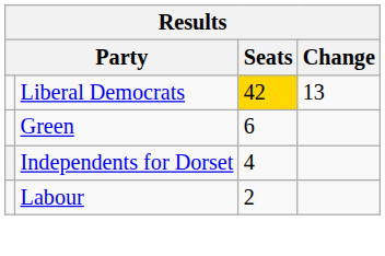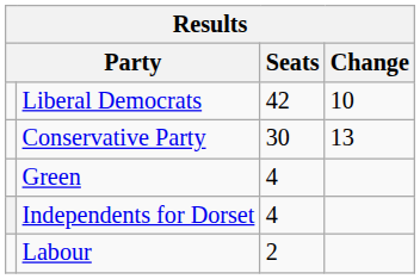 <table class="wikitable">
 <tr>
 <th colspan="4">Results</th>
 </tr>
 <tr>
 <th colspan="2">Party</th>
 <th>Seats</th>
 <th>Change</th>
 </tr>
 <tr>
 <td style="color:inherit;background:"></td>
 <td><a href='#'>Liberal Democrats</a></td>
-<td style="background: gold;">42</td>
+<td>42</td>
+<td>10</td>
+</tr>
+<tr>
+<td style="color:inherit;background:"></td>
+<td scope="row" style="text-align: left;"><a href='#'>Conservative Party</a></td>
+<td>30</td>
 <td>13</td>
 </tr>
 <tr>
 <td style="color:inherit;background:"></td>
 <td scope="row" style="text-align: left;"><a href='#'>Green</a></td>
-<td>6</td>
+<td>4</td>
 <td></td>
 </tr>
 <tr>
 <th></th>
 <td><a href='#'>Independents for Dorset</a></td>
 <td>4</td>
 <td></td>
 </tr>
 <tr>
 <td style="color:inherit;background:"></td>
 <td scope="row" style="text-align: left;"><a href='#'>Labour</a></td>
 <td>2</td>
 <td></td>
 </tr>
 </table>
